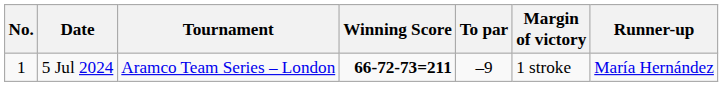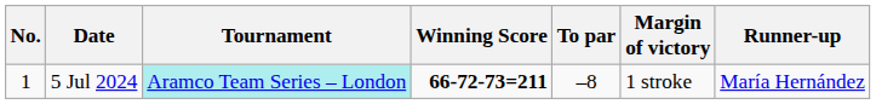 <table class="wikitable" style="font-size:95%">
 <tr>
 <th>No.</th>
 <th>Date</th>
 <th>Tournament</th>
 <th>Winning Score</th>
 <th>To par</th>
 <th>Margin<br> of victory</th>
 <th>Runner-up</th>
 </tr>
 <tr>
 <td align=center>1</td>
 <td align=right>5 Jul <a href='#'>2024</a></td>
-<td><a href='#'>Aramco Team Series – London</a></td>
+<td style="background: paleturquoise;"><a href='#'>Aramco Team Series – London</a></td>
 <td align=right><strong>66-72-73=211</strong></td>
-<td align=center>–9</td>
+<td align=center>–8</td>
 <td>1 stroke</td>
 <td> <a href='#'>María Hernández</a></td>
 </tr>
 </table>
